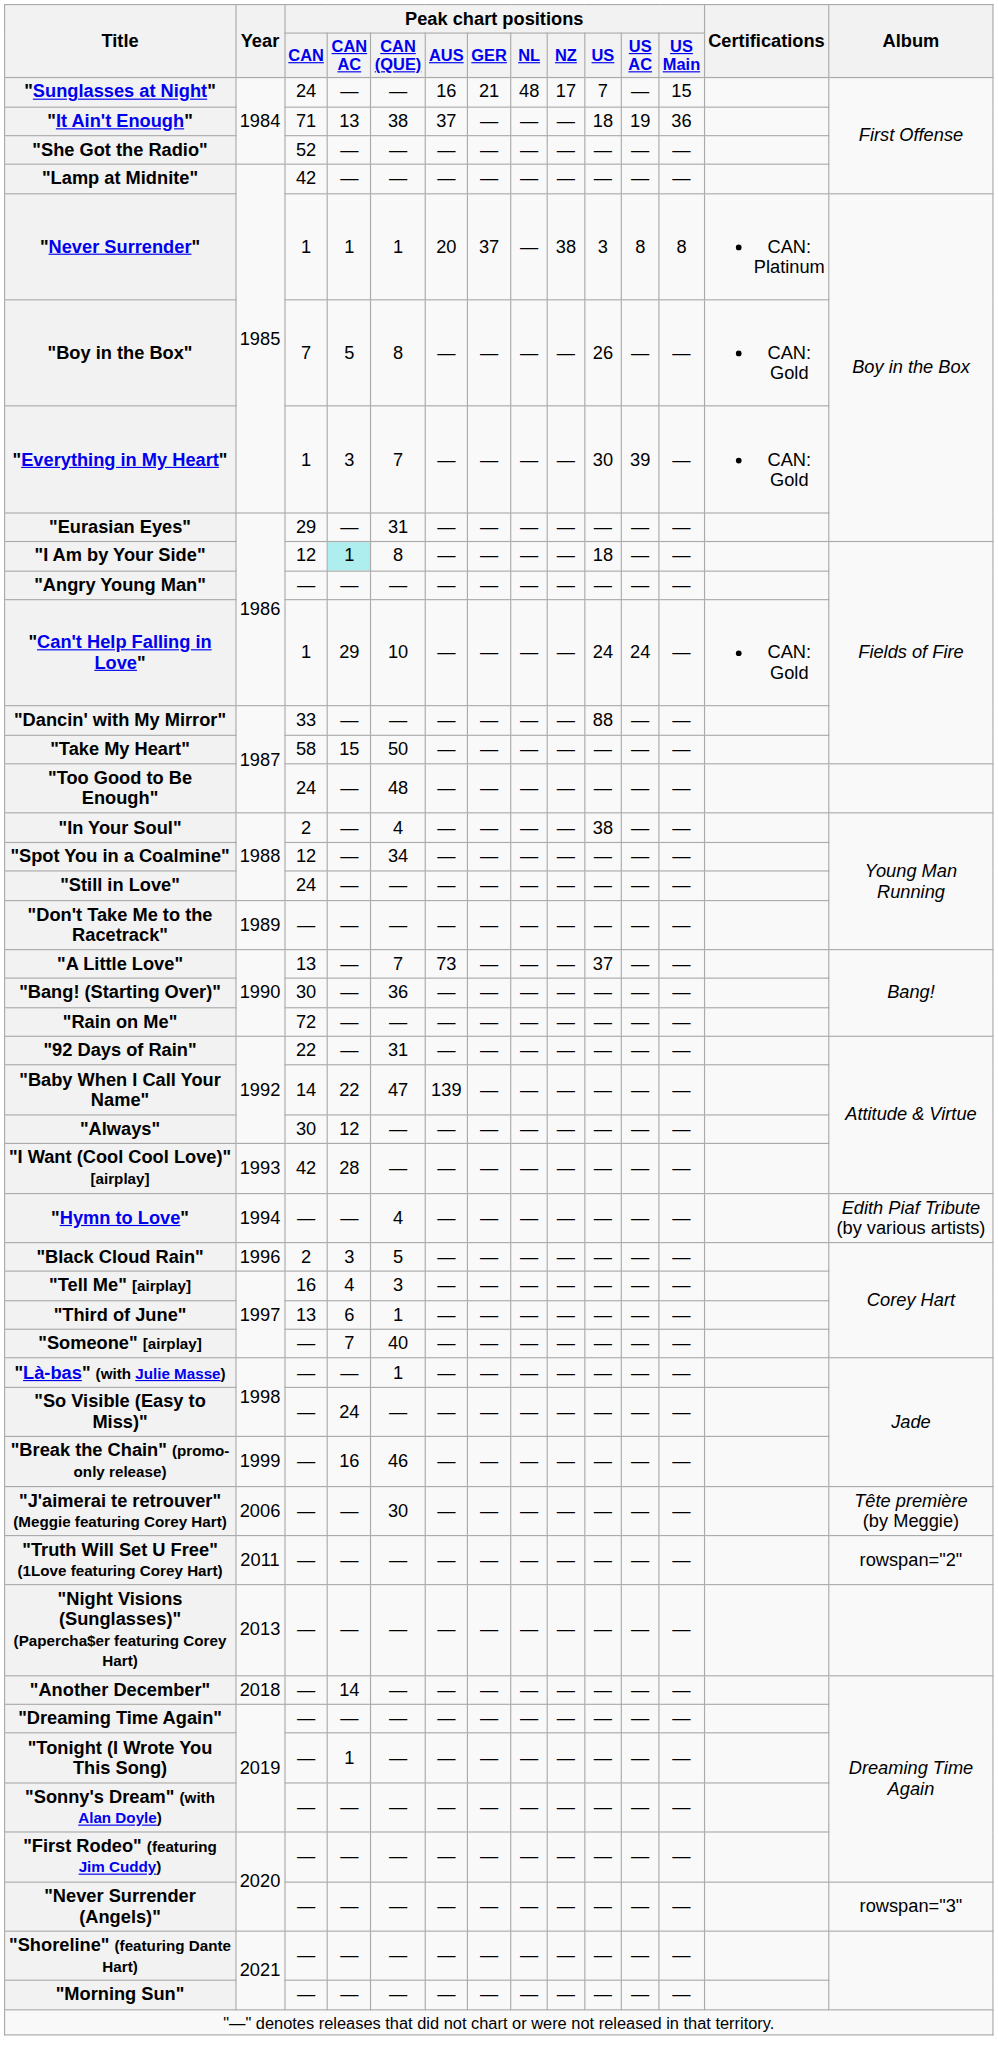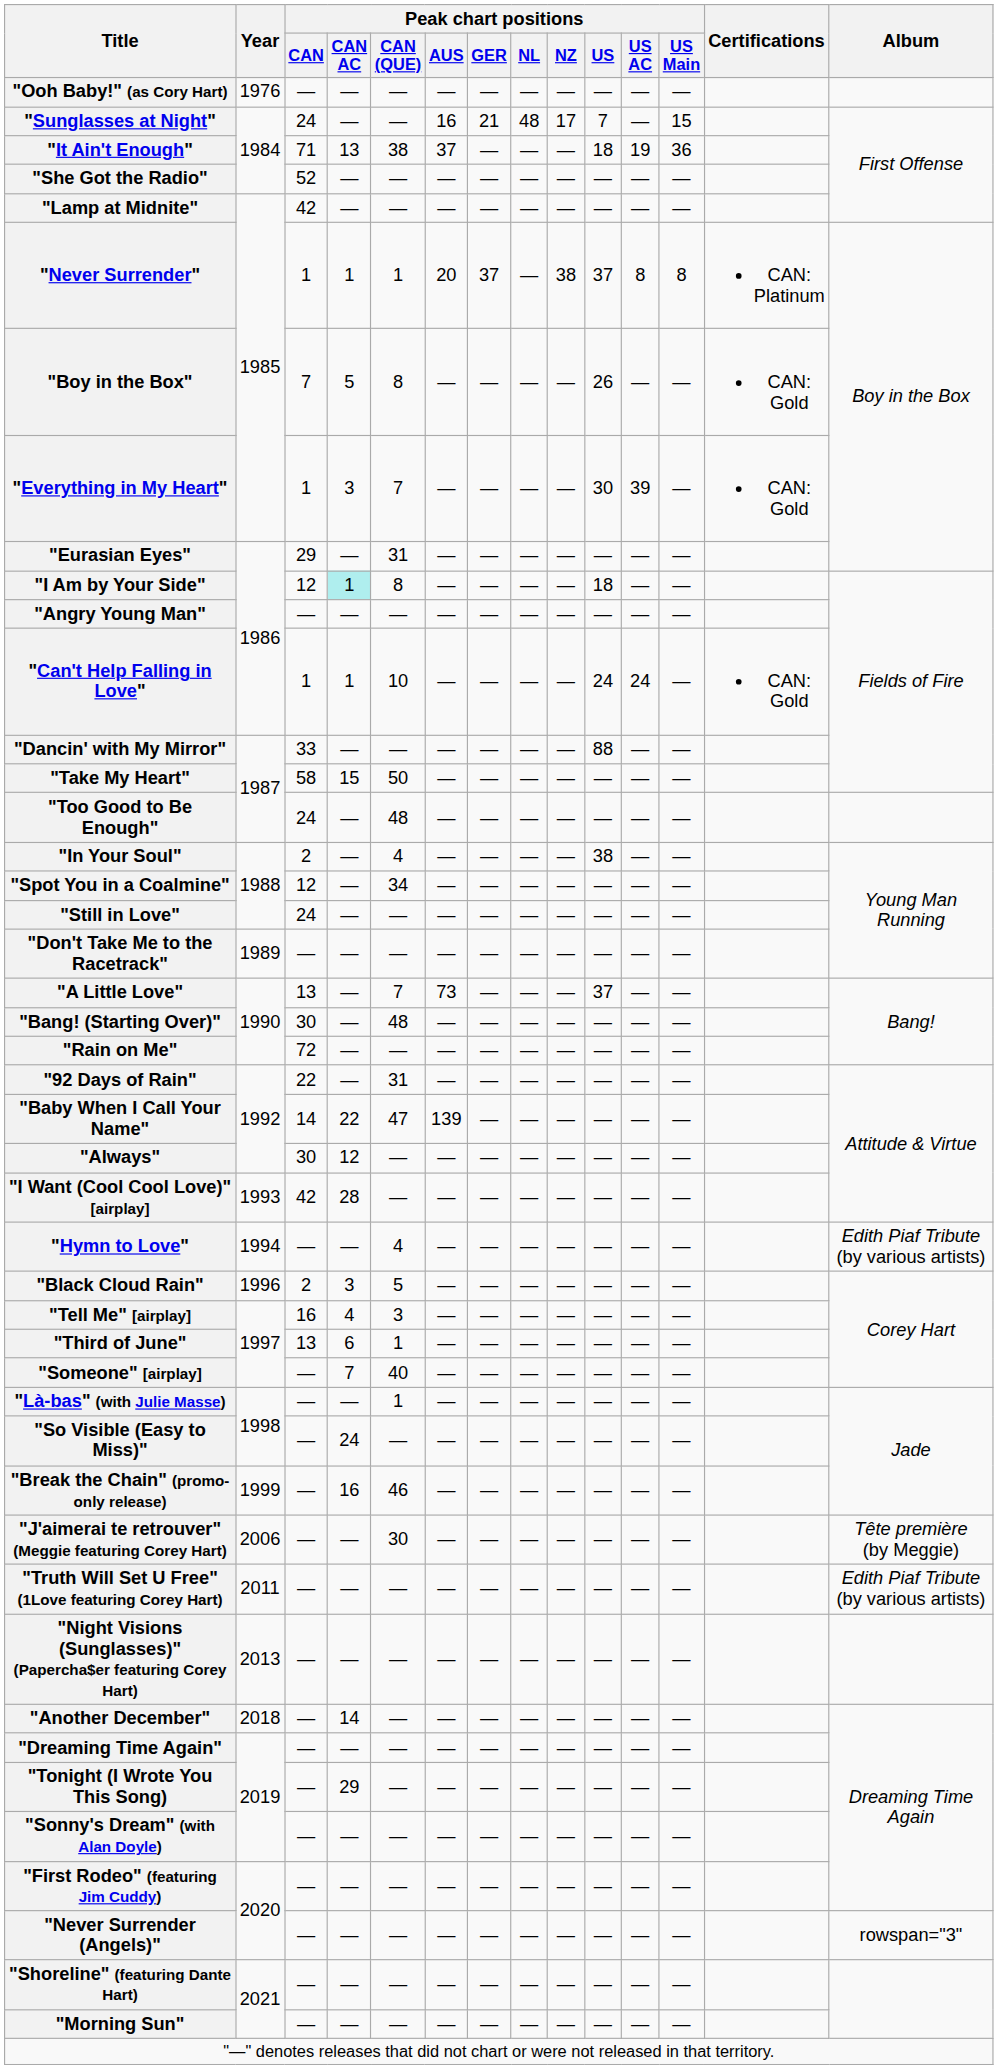 <table class="wikitable plainrowheaders" style="text-align:center;">
 <tr>
 <th rowspan="2" scope="col" style="width:15em;">Title</th>
 <th rowspan="2" scope="col" style="width:2em;">Year</th>
 <th colspan="10">Peak chart positions</th>
 <th rowspan="2">Certifications</th>
 <th rowspan="2" style="width:10em;">Album</th>
 </tr>
 <tr>
 <th scope="col" style="width:2em;font-size:90%;"><a href='#'>CAN</a><br></th>
 <th scope="col" style="width:2em;font-size:90%;"><a href='#'>CAN AC</a><br></th>
 <th scope="col" style="width:2em;font-size:90%;"><a href='#'>CAN (QUE)</a><br></th>
 <th scope="col" style="width:2em;font-size:90%;"><a href='#'>AUS</a><br></th>
 <th scope="col" style="width:2em;font-size:90%;"><a href='#'>GER</a><br></th>
 <th scope="col" style="width:2em;font-size:90%;"><a href='#'>NL</a><br></th>
 <th scope="col" style="width:2em;font-size:90%;"><a href='#'>NZ</a><br></th>
 <th scope="col" style="width:2em;font-size:90%;"><a href='#'>US</a><br></th>
 <th scope="col" style="width:2em;font-size:90%;"><a href='#'>US AC</a><br></th>
 <th scope="col" style="width:2em;font-size:90%;"><a href='#'>US Main</a><br></th>
+</tr>
+<tr>
+<th scope="row">"Ooh Baby!" <small>(as Cory Hart)</small> </th>
+<td>1976</td>
+<td>—</td>
+<td>—</td>
+<td>—</td>
+<td>—</td>
+<td>—</td>
+<td>—</td>
+<td>—</td>
+<td>—</td>
+<td>—</td>
+<td>—</td>
+<td></td>
+<td></td>
 </tr>
 <tr>
 <th scope="row">"<a href='#'>Sunglasses at Night</a>"</th>
 <td rowspan="3">1984</td>
 <td>24</td>
 <td>—</td>
 <td>—</td>
 <td>16</td>
 <td>21</td>
 <td>48</td>
 <td>17</td>
 <td>7</td>
 <td>—</td>
 <td>15</td>
 <td></td>
 <td rowspan="4"><em>First Offense</em></td>
 </tr>
 <tr>
 <th scope="row">"<a href='#'>It Ain't Enough</a>"</th>
 <td>71</td>
 <td>13</td>
 <td>38</td>
 <td>37</td>
 <td>—</td>
 <td>—</td>
 <td>—</td>
 <td>18</td>
 <td>19</td>
 <td>36</td>
 <td></td>
 </tr>
 <tr>
 <th scope="row">"She Got the Radio"</th>
 <td>52</td>
 <td>—</td>
 <td>—</td>
 <td>—</td>
 <td>—</td>
 <td>—</td>
 <td>—</td>
 <td>—</td>
 <td>—</td>
 <td>—</td>
 <td></td>
 </tr>
 <tr>
 <th scope="row">"Lamp at Midnite"</th>
 <td rowspan="4">1985</td>
 <td>42</td>
 <td>—</td>
 <td>—</td>
 <td>—</td>
 <td>—</td>
 <td>—</td>
 <td>—</td>
 <td>—</td>
 <td>—</td>
 <td>—</td>
 <td></td>
 </tr>
 <tr>
 <th scope="row">"<a href='#'>Never Surrender</a>"</th>
 <td>1</td>
 <td>1</td>
 <td>1</td>
 <td>20</td>
 <td>37</td>
 <td>—</td>
 <td>38</td>
-<td>3</td>
+<td>37</td>
 <td>8</td>
 <td>8</td>
 <td><br><ul><li>CAN: Platinum</li></ul></td>
 <td rowspan="4"><em>Boy in the Box</em></td>
 </tr>
 <tr>
 <th scope="row">"Boy in the Box"</th>
 <td>7</td>
 <td>5</td>
 <td>8</td>
 <td>—</td>
 <td>—</td>
 <td>—</td>
 <td>—</td>
 <td>26</td>
 <td>—</td>
 <td>—</td>
 <td><br><ul><li>CAN: Gold</li></ul></td>
 </tr>
 <tr>
 <th scope="row">"<a href='#'>Everything in My Heart</a>"</th>
 <td>1</td>
 <td>3</td>
 <td>7</td>
 <td>—</td>
 <td>—</td>
 <td>—</td>
 <td>—</td>
 <td>30</td>
 <td>39</td>
 <td>—</td>
 <td><br><ul><li>CAN: Gold</li></ul></td>
 </tr>
 <tr>
 <th scope="row">"Eurasian Eyes"</th>
 <td rowspan="4">1986</td>
 <td>29</td>
 <td>—</td>
 <td>31</td>
 <td>—</td>
 <td>—</td>
 <td>—</td>
 <td>—</td>
 <td>—</td>
 <td>—</td>
 <td>—</td>
 <td></td>
 </tr>
 <tr>
 <th scope="row">"I Am by Your Side"</th>
 <td>12</td>
 <td style="background: paleturquoise;">1</td>
 <td>8</td>
 <td>—</td>
 <td>—</td>
 <td>—</td>
 <td>—</td>
 <td>18</td>
 <td>—</td>
 <td>—</td>
 <td></td>
 <td rowspan="5"><em>Fields of Fire</em></td>
 </tr>
 <tr>
 <th scope="row">"Angry Young Man" </th>
 <td>—</td>
 <td>—</td>
 <td>—</td>
 <td>—</td>
 <td>—</td>
 <td>—</td>
 <td>—</td>
 <td>—</td>
 <td>—</td>
 <td>—</td>
 <td></td>
 </tr>
 <tr>
 <th scope="row">"<a href='#'>Can't Help Falling in Love</a>"</th>
 <td>1</td>
-<td>29</td>
+<td>1</td>
 <td>10</td>
 <td>—</td>
 <td>—</td>
 <td>—</td>
 <td>—</td>
 <td>24</td>
 <td>24</td>
 <td>—</td>
 <td><br><ul><li>CAN: Gold</li></ul></td>
 </tr>
 <tr>
 <th scope="row">"Dancin' with My Mirror"</th>
 <td rowspan="3">1987</td>
 <td>33</td>
 <td>—</td>
 <td>—</td>
 <td>—</td>
 <td>—</td>
 <td>—</td>
 <td>—</td>
 <td>88</td>
 <td>—</td>
 <td>—</td>
 <td></td>
 </tr>
 <tr>
 <th scope="row">"Take My Heart"</th>
 <td>58</td>
 <td>15</td>
 <td>50</td>
 <td>—</td>
 <td>—</td>
 <td>—</td>
 <td>—</td>
 <td>—</td>
 <td>—</td>
 <td>—</td>
 <td></td>
 </tr>
 <tr>
 <th scope="row">"Too Good to Be Enough"</th>
 <td>24</td>
 <td>—</td>
 <td>48</td>
 <td>—</td>
 <td>—</td>
 <td>—</td>
 <td>—</td>
 <td>—</td>
 <td>—</td>
 <td>—</td>
 <td></td>
 <td></td>
 </tr>
 <tr>
 <th scope="row">"In Your Soul"</th>
 <td rowspan="3">1988</td>
 <td>2</td>
 <td>—</td>
 <td>4</td>
 <td>—</td>
 <td>—</td>
 <td>—</td>
 <td>—</td>
 <td>38</td>
 <td>—</td>
 <td>—</td>
 <td></td>
 <td rowspan="4"><em>Young Man Running</em></td>
 </tr>
 <tr>
 <th scope="row">"Spot You in a Coalmine"</th>
 <td>12</td>
 <td>—</td>
 <td>34</td>
 <td>—</td>
 <td>—</td>
 <td>—</td>
 <td>—</td>
 <td>—</td>
 <td>—</td>
 <td>—</td>
 <td></td>
 </tr>
 <tr>
 <th scope="row">"Still in Love"</th>
 <td>24</td>
 <td>—</td>
 <td>—</td>
 <td>—</td>
 <td>—</td>
 <td>—</td>
 <td>—</td>
 <td>—</td>
 <td>—</td>
 <td>—</td>
 <td></td>
 </tr>
 <tr>
 <th scope="row">"Don't Take Me to the Racetrack"</th>
 <td>1989</td>
 <td>—</td>
 <td>—</td>
 <td>—</td>
 <td>—</td>
 <td>—</td>
 <td>—</td>
 <td>—</td>
 <td>—</td>
 <td>—</td>
 <td>—</td>
 <td></td>
 </tr>
 <tr>
 <th scope="row">"A Little Love"</th>
 <td rowspan="3">1990</td>
 <td>13</td>
 <td>—</td>
 <td>7</td>
 <td>73</td>
 <td>—</td>
 <td>—</td>
 <td>—</td>
 <td>37</td>
 <td>—</td>
 <td>—</td>
 <td></td>
 <td rowspan="3"><em>Bang!</em></td>
 </tr>
 <tr>
 <th scope="row">"Bang! (Starting Over)"</th>
 <td>30</td>
 <td>—</td>
-<td>36</td>
+<td>48</td>
 <td>—</td>
 <td>—</td>
 <td>—</td>
 <td>—</td>
 <td>—</td>
 <td>—</td>
 <td>—</td>
 <td></td>
 </tr>
 <tr>
 <th scope="row">"Rain on Me"</th>
 <td>72</td>
 <td>—</td>
 <td>—</td>
 <td>—</td>
 <td>—</td>
 <td>—</td>
 <td>—</td>
 <td>—</td>
 <td>—</td>
 <td>—</td>
 <td></td>
 </tr>
 <tr>
 <th scope="row">"92 Days of Rain"</th>
 <td rowspan="3">1992</td>
 <td>22</td>
 <td>—</td>
 <td>31</td>
 <td>—</td>
 <td>—</td>
 <td>—</td>
 <td>—</td>
 <td>—</td>
 <td>—</td>
 <td>—</td>
 <td></td>
 <td rowspan="4"><em>Attitude & Virtue</em></td>
 </tr>
 <tr>
 <th scope="row">"Baby When I Call Your Name"</th>
 <td>14</td>
 <td>22</td>
 <td>47</td>
 <td>139</td>
 <td>—</td>
 <td>—</td>
 <td>—</td>
 <td>—</td>
 <td>—</td>
 <td>—</td>
 <td></td>
 </tr>
 <tr>
 <th scope="row">"Always"</th>
 <td>30</td>
 <td>12</td>
 <td>—</td>
 <td>—</td>
 <td>—</td>
 <td>—</td>
 <td>—</td>
 <td>—</td>
 <td>—</td>
 <td>—</td>
 <td></td>
 </tr>
 <tr>
 <th scope="row">"I Want (Cool Cool Love)" <small>[airplay]</small></th>
 <td>1993</td>
 <td>42</td>
 <td>28</td>
 <td>—</td>
 <td>—</td>
 <td>—</td>
 <td>—</td>
 <td>—</td>
 <td>—</td>
 <td>—</td>
 <td>—</td>
 <td></td>
 </tr>
 <tr>
 <th scope="row">"<a href='#'>Hymn to Love</a>" </th>
 <td>1994</td>
 <td>—</td>
 <td>—</td>
 <td>4</td>
 <td>—</td>
 <td>—</td>
 <td>—</td>
 <td>—</td>
 <td>—</td>
 <td>—</td>
 <td>—</td>
 <td></td>
 <td><em>Edith Piaf Tribute</em><br>(by various artists)</td>
 </tr>
 <tr>
 <th scope="row">"Black Cloud Rain"</th>
 <td>1996</td>
 <td>2</td>
 <td>3</td>
 <td>5</td>
 <td>—</td>
 <td>—</td>
 <td>—</td>
 <td>—</td>
 <td>—</td>
 <td>—</td>
 <td>—</td>
 <td></td>
 <td rowspan="4"><em>Corey Hart</em></td>
 </tr>
 <tr>
 <th scope="row">"Tell Me" <small>[airplay]</small></th>
 <td rowspan="3">1997</td>
 <td>16</td>
 <td>4</td>
 <td>3</td>
 <td>—</td>
 <td>—</td>
 <td>—</td>
 <td>—</td>
 <td>—</td>
 <td>—</td>
 <td>—</td>
 <td></td>
 </tr>
 <tr>
 <th scope="row">"Third of June"</th>
 <td>13</td>
 <td>6</td>
 <td>1</td>
 <td>—</td>
 <td>—</td>
 <td>—</td>
 <td>—</td>
 <td>—</td>
 <td>—</td>
 <td>—</td>
 <td></td>
 </tr>
 <tr>
 <th scope="row">"Someone" <small>[airplay]</small></th>
 <td>—</td>
 <td>7</td>
 <td>40</td>
 <td>—</td>
 <td>—</td>
 <td>—</td>
 <td>—</td>
 <td>—</td>
 <td>—</td>
 <td>—</td>
 <td></td>
 </tr>
 <tr>
 <th scope="row">"<a href='#'>Là-bas</a>" <small>(with <a href='#'>Julie Masse</a>)</small></th>
 <td rowspan="2">1998</td>
 <td>—</td>
 <td>—</td>
 <td>1</td>
 <td>—</td>
 <td>—</td>
 <td>—</td>
 <td>—</td>
 <td>—</td>
 <td>—</td>
 <td>—</td>
 <td></td>
 <td rowspan="3"><em>Jade</em></td>
 </tr>
 <tr>
 <th scope="row">"So Visible (Easy to Miss)"</th>
 <td>—</td>
 <td>24</td>
 <td>—</td>
 <td>—</td>
 <td>—</td>
 <td>—</td>
 <td>—</td>
 <td>—</td>
 <td>—</td>
 <td>—</td>
 <td></td>
 </tr>
 <tr>
 <th scope="row">"Break the Chain" <small>(promo-only release)</small></th>
 <td>1999</td>
 <td>—</td>
 <td>16</td>
 <td>46</td>
 <td>—</td>
 <td>—</td>
 <td>—</td>
 <td>—</td>
 <td>—</td>
 <td>—</td>
 <td>—</td>
 <td></td>
 </tr>
 <tr>
 <th scope="row">"J'aimerai te retrouver" <small>(Meggie featuring Corey Hart)</small></th>
 <td>2006</td>
 <td>—</td>
 <td>—</td>
 <td>30</td>
 <td>—</td>
 <td>—</td>
 <td>—</td>
 <td>—</td>
 <td>—</td>
 <td>—</td>
 <td>—</td>
 <td></td>
 <td><em>Tête première</em><br>(by Meggie)</td>
 </tr>
 <tr>
 <th scope="row">"Truth Will Set U Free" <small>(1Love featuring Corey Hart)</small></th>
 <td>2011</td>
 <td>—</td>
 <td>—</td>
 <td>—</td>
 <td>—</td>
 <td>—</td>
 <td>—</td>
 <td>—</td>
 <td>—</td>
 <td>—</td>
 <td>—</td>
 <td></td>
-<td>rowspan="2" </td>
+<td><em>Edith Piaf Tribute</em><br>(by various artists)</td>
 </tr>
 <tr>
 <th scope="row">"Night Visions (Sunglasses)" <small>(Papercha$er featuring Corey Hart)</small></th>
 <td>2013</td>
 <td>—</td>
 <td>—</td>
 <td>—</td>
 <td>—</td>
 <td>—</td>
 <td>—</td>
 <td>—</td>
 <td>—</td>
 <td>—</td>
 <td>—</td>
 <td></td>
 </tr>
 <tr>
 <th scope="row">"Another December"</th>
 <td>2018</td>
 <td>—</td>
 <td>14</td>
 <td>—</td>
 <td>—</td>
 <td>—</td>
 <td>—</td>
 <td>—</td>
 <td>—</td>
 <td>—</td>
 <td>—</td>
 <td></td>
 <td rowspan="5"><em>Dreaming Time Again</em></td>
 </tr>
 <tr>
 <th scope="row">"Dreaming Time Again"</th>
 <td rowspan="3">2019</td>
 <td>—</td>
 <td>—</td>
 <td>—</td>
 <td>—</td>
 <td>—</td>
 <td>—</td>
 <td>—</td>
 <td>—</td>
 <td>—</td>
 <td>—</td>
 <td></td>
 </tr>
 <tr>
 <th scope="row">"Tonight (I Wrote You This Song)</th>
 <td>—</td>
-<td>1</td>
+<td>29</td>
 <td>—</td>
 <td>—</td>
 <td>—</td>
 <td>—</td>
 <td>—</td>
 <td>—</td>
 <td>—</td>
 <td>—</td>
 <td></td>
 </tr>
 <tr>
 <th scope="row">"Sonny's Dream" <small>(with <a href='#'>Alan Doyle</a>)</small></th>
 <td>—</td>
 <td>—</td>
 <td>—</td>
 <td>—</td>
 <td>—</td>
 <td>—</td>
 <td>—</td>
 <td>—</td>
 <td>—</td>
 <td>—</td>
 <td></td>
 </tr>
 <tr>
 <th scope="row">"First Rodeo" <small>(featuring <a href='#'>Jim Cuddy</a>)</small></th>
 <td rowspan="2">2020</td>
 <td>—</td>
 <td>—</td>
 <td>—</td>
 <td>—</td>
 <td>—</td>
 <td>—</td>
 <td>—</td>
 <td>—</td>
 <td>—</td>
 <td>—</td>
 <td></td>
 </tr>
 <tr>
 <th scope="row">"Never Surrender (Angels)"</th>
 <td>—</td>
 <td>—</td>
 <td>—</td>
 <td>—</td>
 <td>—</td>
 <td>—</td>
 <td>—</td>
 <td>—</td>
 <td>—</td>
 <td>—</td>
 <td></td>
 <td>rowspan="3" </td>
 </tr>
 <tr>
 <th scope="row">"Shoreline" <small>(featuring Dante Hart)</small></th>
 <td rowspan="2">2021</td>
 <td>—</td>
 <td>—</td>
 <td>—</td>
 <td>—</td>
 <td>—</td>
 <td>—</td>
 <td>—</td>
 <td>—</td>
 <td>—</td>
 <td>—</td>
 <td></td>
 </tr>
 <tr>
 <th scope="row">"Morning Sun"</th>
 <td>—</td>
 <td>—</td>
 <td>—</td>
 <td>—</td>
 <td>—</td>
 <td>—</td>
 <td>—</td>
 <td>—</td>
 <td>—</td>
 <td>—</td>
 <td></td>
 </tr>
 <tr>
 <td colspan="14" style="font-size:90%">"—" denotes releases that did not chart or were not released in that territory.</td>
 </tr>
 </table>
